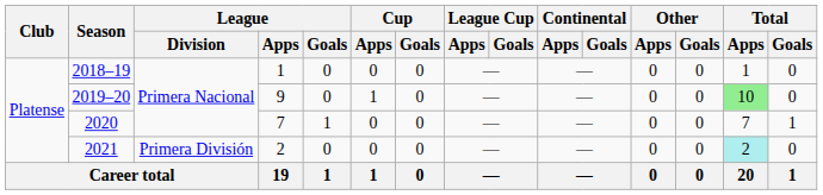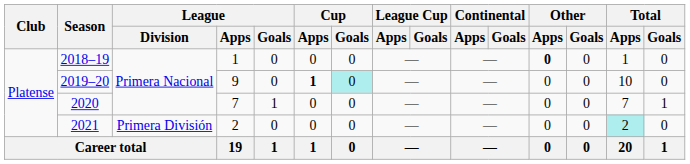 <table class="wikitable" style="text-align:center">
 <tr>
 <th rowspan="2">Club</th>
 <th rowspan="2">Season</th>
 <th colspan="3">League</th>
 <th colspan="2">Cup</th>
 <th colspan="2">League Cup</th>
 <th colspan="2">Continental</th>
 <th colspan="2">Other</th>
 <th colspan="2">Total</th>
 </tr>
 <tr>
 <th>Division</th>
 <th>Apps</th>
 <th>Goals</th>
 <th>Apps</th>
 <th>Goals</th>
 <th>Apps</th>
 <th>Goals</th>
 <th>Apps</th>
 <th>Goals</th>
 <th>Apps</th>
 <th>Goals</th>
 <th>Apps</th>
 <th>Goals</th>
 </tr>
 <tr>
 <td rowspan="4"><a href='#'>Platense</a></td>
 <td><a href='#'>2018–19</a></td>
 <td rowspan="3"><a href='#'>Primera Nacional</a></td>
 <td>1</td>
 <td>0</td>
 <td>0</td>
 <td>0</td>
 <td colspan="2">—</td>
 <td colspan="2">—</td>
-<td>0</td>
+<td><strong>0</strong></td>
 <td>0</td>
 <td>1</td>
 <td>0</td>
 </tr>
 <tr>
 <td><a href='#'>2019–20</a></td>
 <td>9</td>
 <td>0</td>
-<td>1</td>
-<td>0</td>
+<td><strong>1</strong></td>
+<td style="background: paleturquoise;">0</td>
 <td colspan="2">—</td>
 <td colspan="2">—</td>
 <td>0</td>
 <td>0</td>
-<td style="background: lightgreen;">10</td>
+<td>10</td>
 <td>0</td>
 </tr>
 <tr>
 <td><a href='#'>2020</a></td>
 <td>7</td>
 <td>1</td>
 <td>0</td>
 <td>0</td>
 <td colspan="2">—</td>
 <td colspan="2">—</td>
 <td>0</td>
 <td>0</td>
 <td>7</td>
 <td>1</td>
 </tr>
 <tr>
 <td><a href='#'>2021</a></td>
 <td rowspan="1"><a href='#'>Primera División</a></td>
 <td>2</td>
 <td>0</td>
 <td>0</td>
 <td>0</td>
 <td colspan="2">—</td>
 <td colspan="2">—</td>
 <td>0</td>
 <td>0</td>
 <td style="background: paleturquoise;">2</td>
 <td>0</td>
 </tr>
 <tr>
 <th colspan="3">Career total</th>
 <th>19</th>
 <th>1</th>
 <th>1</th>
 <th>0</th>
 <th colspan="2">—</th>
 <th colspan="2">—</th>
 <th>0</th>
 <th>0</th>
 <th>20</th>
 <th>1</th>
 </tr>
 </table>
